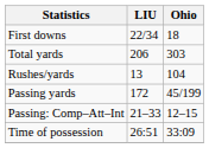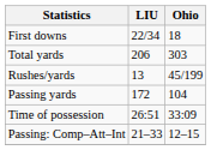 <table class="wikitable" style="float: left;">
 <tr>
 <th>Statistics</th>
 <th>LIU</th>
 <th>Ohio</th>
 </tr>
 <tr>
 <td>First downs</td>
 <td>22/34</td>
 <td>18</td>
 </tr>
 <tr>
 <td>Total yards</td>
 <td>206</td>
 <td>303</td>
 </tr>
 <tr>
 <td>Rushes/yards</td>
 <td>13</td>
-<td>104</td>
+<td>45/199</td>
 </tr>
 <tr>
 <td>Passing yards</td>
 <td>172</td>
-<td>45/199</td>
+<td>104</td>
+</tr>
+<tr>
+<td>Time of possession</td>
+<td>26:51</td>
+<td>33:09</td>
 </tr>
 <tr>
 <td>Passing: Comp–Att–Int</td>
 <td>21–33</td>
 <td>12–15</td>
 </tr>
 <tr>
-<td>Time of possession</td>
-<td>26:51</td>
-<td>33:09</td>
-</tr>
-<tr>
 </tr>
 </table>
